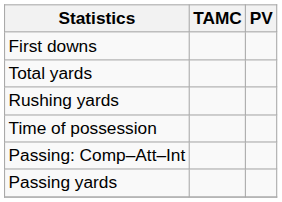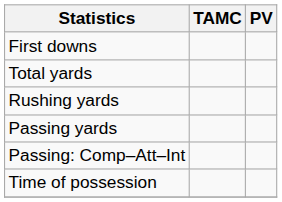 <table class="wikitable" style="float: left;">
 <tr>
 <th>Statistics</th>
 <th>TAMC</th>
 <th>PV</th>
 </tr>
 <tr>
 <td>First downs</td>
 <td></td>
 <td></td>
 </tr>
 <tr>
 <td>Total yards</td>
 <td></td>
 <td></td>
 </tr>
 <tr>
 <td>Rushing yards</td>
 <td></td>
 <td></td>
 </tr>
 <tr>
-<td>Time of possession</td>
+<td>Passing yards</td>
 <td></td>
 <td></td>
 </tr>
 <tr>
 <td>Passing: Comp–Att–Int</td>
 <td></td>
 <td></td>
 </tr>
 <tr>
-<td>Passing yards</td>
+<td>Time of possession</td>
 <td></td>
 <td></td>
 </tr>
 <tr>
 </tr>
 </table>
